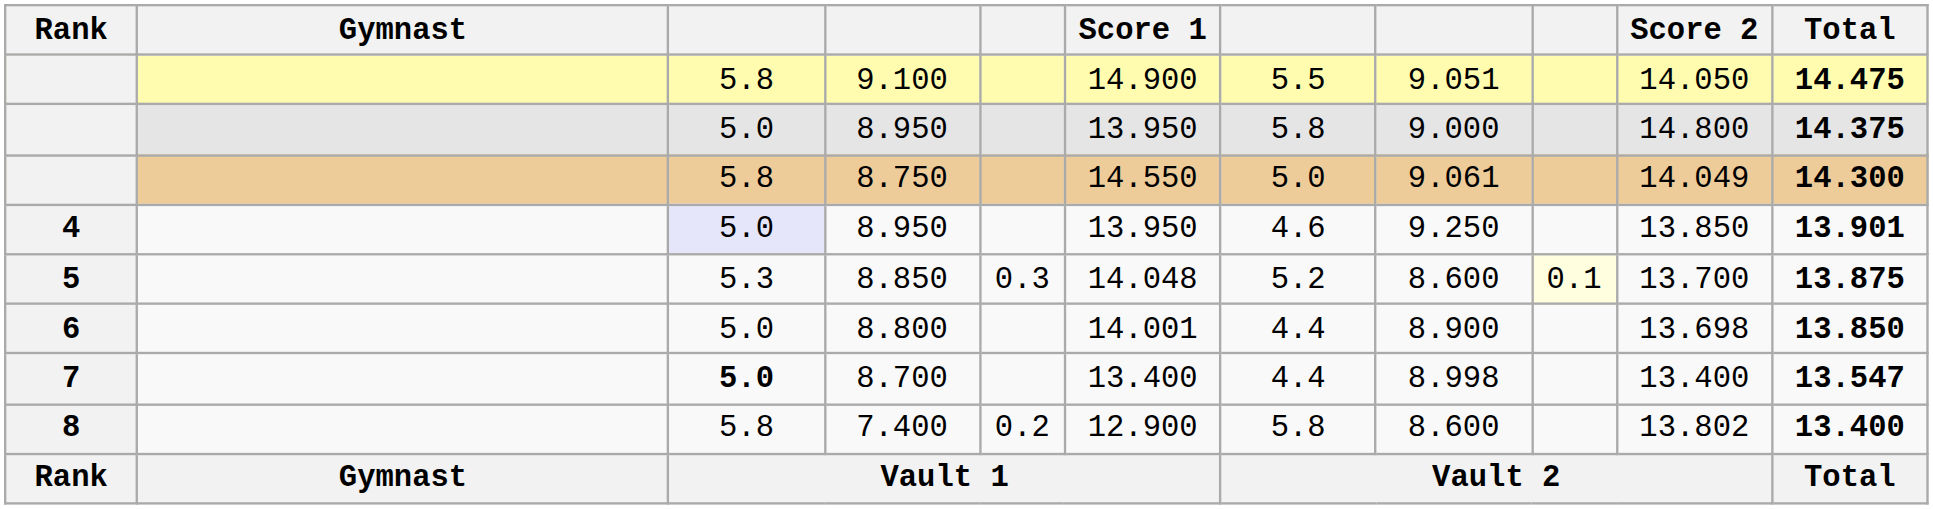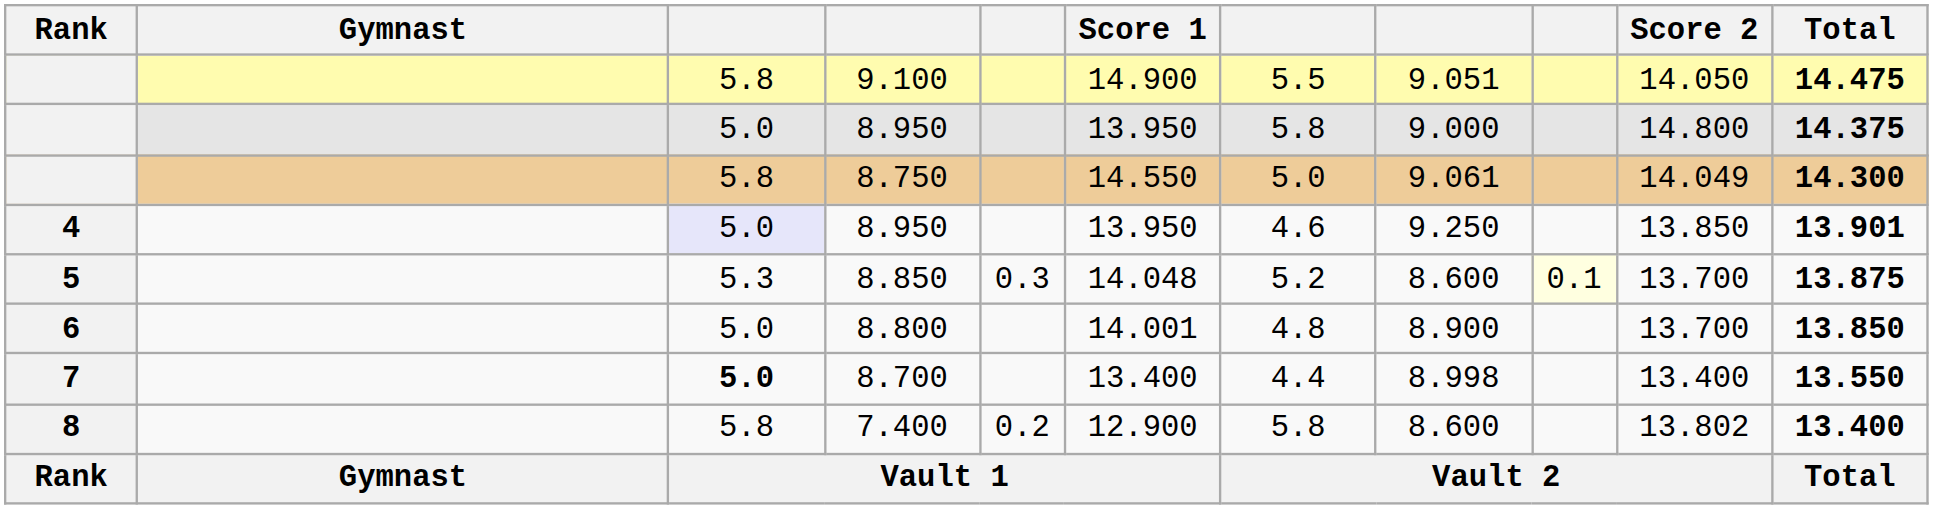 <table class="wikitable sortable" style="text-align:center; font-size:100%">
 <tr>
 <th scope="col" style="width:50px;">Rank</th>
 <th scope="col" style="width:220px;">Gymnast</th>
 <th scope="col" style="width:60px"></th>
 <th scope="col" style="width:60px;"></th>
 <th scope="col" style="width:30px;"></th>
 <th scope="col" style="width:60px;">Score 1</th>
 <th scope="col" style="width:60px"></th>
 <th scope="col" style="width:60px;"></th>
 <th scope="col" style="width:30px;"></th>
 <th scope="col" style="width:60px;">Score 2</th>
 <th scope="col" style="width:60px">Total</th>
 </tr>
 <tr style="background:#fffcaf;">
 <th scope=row style="text-align:center"></th>
 <td style="text-align:left;"></td>
 <td>5.8</td>
 <td>9.100</td>
 <td></td>
 <td>14.900</td>
 <td>5.5</td>
 <td>9.051</td>
 <td></td>
 <td>14.050</td>
 <td><strong>14.475</strong></td>
 </tr>
 <tr style="background:#e5e5e5;">
 <th scope=row style="text-align:center"></th>
 <td style="text-align:left;"></td>
 <td>5.0</td>
 <td>8.950</td>
 <td></td>
 <td>13.950</td>
 <td>5.8</td>
 <td>9.000</td>
 <td></td>
 <td>14.800</td>
 <td><strong>14.375</strong></td>
 </tr>
 <tr style="background:#ec9;">
 <th scope=row style="text-align:center"></th>
 <td style="text-align:left;"></td>
 <td>5.8</td>
 <td>8.750</td>
 <td></td>
 <td>14.550</td>
 <td>5.0</td>
 <td>9.061</td>
 <td></td>
 <td>14.049</td>
 <td><strong>14.300</strong></td>
 </tr>
 <tr>
 <th scope=row style="text-align:center">4</th>
 <td style="text-align:left;"></td>
 <td style="background: lavender;">5.0</td>
 <td>8.950</td>
 <td></td>
 <td>13.950</td>
 <td>4.6</td>
 <td>9.250</td>
 <td></td>
 <td>13.850</td>
 <td><strong>13.901</strong></td>
 </tr>
 <tr>
 <th scope=row style="text-align:center">5</th>
 <td style="text-align:left;"></td>
 <td>5.3</td>
 <td>8.850</td>
 <td>0.3</td>
 <td>14.048</td>
 <td>5.2</td>
 <td>8.600</td>
 <td style="background: lightyellow;">0.1</td>
 <td>13.700</td>
 <td><strong>13.875</strong></td>
 </tr>
 <tr>
 <th scope=row style="text-align:center">6</th>
 <td style="text-align:left;"></td>
 <td>5.0</td>
 <td>8.800</td>
 <td></td>
 <td>14.001</td>
-<td>4.4</td>
+<td>4.8</td>
 <td>8.900</td>
 <td></td>
-<td>13.698</td>
+<td>13.700</td>
 <td><strong>13.850</strong></td>
 </tr>
 <tr>
 <th scope=row style="text-align:center">7</th>
 <td style="text-align:left;"></td>
 <td><strong>5.0</strong></td>
 <td>8.700</td>
 <td></td>
 <td>13.400</td>
 <td>4.4</td>
 <td>8.998</td>
 <td></td>
 <td>13.400</td>
-<td><strong>13.547</strong></td>
+<td><strong>13.550</strong></td>
 </tr>
 <tr>
 <th scope=row style="text-align:center">8</th>
 <td style="text-align:left;"></td>
 <td>5.8</td>
 <td>7.400</td>
 <td>0.2</td>
 <td>12.900</td>
 <td>5.8</td>
 <td>8.600</td>
 <td></td>
 <td>13.802</td>
 <td><strong>13.400</strong></td>
 </tr>
 <tr class="sortbottom">
 <th scope=col>Rank</th>
 <th scope="col" style="width:210px;">Gymnast</th>
 <th scope=col colspan="4">Vault 1</th>
 <th scope=col colspan="4">Vault 2</th>
 <th scope=col>Total</th>
 </tr>
 </table>
